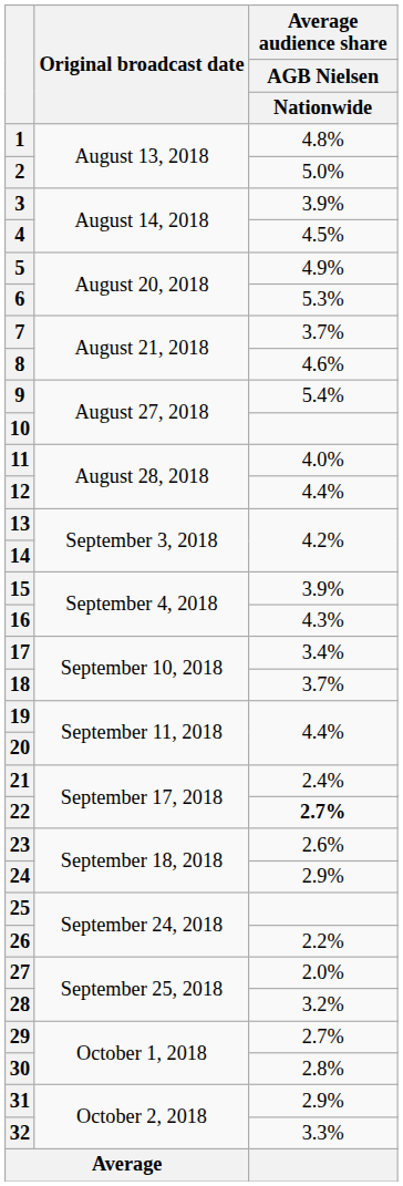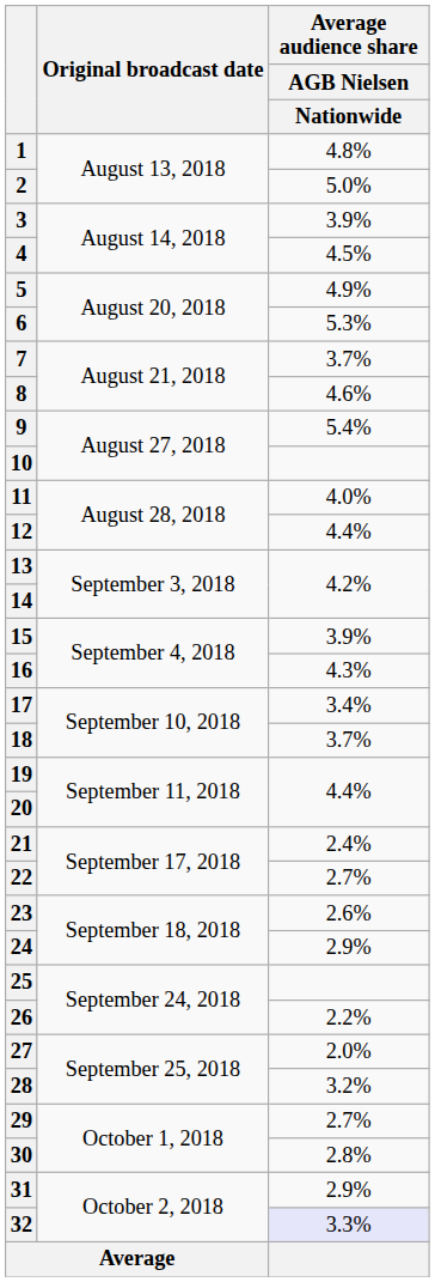 <table class="wikitable" style="text-align:center">
 <tr>
 <th rowspan="3"></th>
 <th rowspan="3">Original broadcast date</th>
 <th width="110">Average audience share</th>
 </tr>
 <tr>
 <th>AGB Nielsen</th>
 </tr>
 <tr>
 <th>Nationwide</th>
 </tr>
 <tr>
 <th>1</th>
 <td rowspan="2">August 13, 2018</td>
 <td>4.8% </td>
 </tr>
 <tr>
 <th>2</th>
 <td>5.0% </td>
 </tr>
 <tr>
 <th>3</th>
 <td rowspan="2">August 14, 2018</td>
 <td>3.9% </td>
 </tr>
 <tr>
 <th>4</th>
 <td>4.5% </td>
 </tr>
 <tr>
 <th>5</th>
 <td rowspan="2">August 20, 2018</td>
 <td>4.9% </td>
 </tr>
 <tr>
 <th>6</th>
 <td>5.3% </td>
 </tr>
 <tr>
 <th>7</th>
 <td rowspan="2">August 21, 2018</td>
 <td>3.7% </td>
 </tr>
 <tr>
 <th>8</th>
 <td>4.6% </td>
 </tr>
 <tr>
 <th>9</th>
 <td rowspan="2">August 27, 2018</td>
 <td>5.4% </td>
 </tr>
 <tr>
 <th>10</th>
 <td> </td>
 </tr>
 <tr>
 <th>11</th>
 <td rowspan="2">August 28, 2018</td>
 <td>4.0% </td>
 </tr>
 <tr>
 <th>12</th>
 <td>4.4% </td>
 </tr>
 <tr>
 <th>13</th>
 <td rowspan="2">September 3, 2018</td>
 <td rowspan="2">4.2% </td>
 </tr>
 <tr>
 <th>14</th>
 </tr>
 <tr>
 <th>15</th>
 <td rowspan="2">September 4, 2018</td>
 <td>3.9% </td>
 </tr>
 <tr>
 <th>16</th>
 <td>4.3% </td>
 </tr>
 <tr>
 <th>17</th>
 <td rowspan="2">September 10, 2018</td>
 <td>3.4% </td>
 </tr>
 <tr>
 <th>18</th>
 <td>3.7% </td>
 </tr>
 <tr>
 <th>19</th>
 <td rowspan="2">September 11, 2018</td>
 <td rowspan="2">4.4% </td>
 </tr>
 <tr>
 <th>20</th>
 </tr>
 <tr>
 <th>21</th>
 <td rowspan="2">September 17, 2018</td>
 <td>2.4% </td>
 </tr>
 <tr>
 <th>22</th>
-<td><strong>2.7% </strong></td>
+<td>2.7% </td>
 </tr>
 <tr>
 <th>23</th>
 <td rowspan="2">September 18, 2018</td>
 <td>2.6% </td>
 </tr>
 <tr>
 <th>24</th>
 <td>2.9% </td>
 </tr>
 <tr>
 <th>25</th>
 <td rowspan="2">September 24, 2018</td>
 <td> </td>
 </tr>
 <tr>
 <th>26</th>
 <td>2.2% </td>
 </tr>
 <tr>
 <th>27</th>
 <td rowspan="2">September 25, 2018</td>
 <td>2.0% </td>
 </tr>
 <tr>
 <th>28</th>
 <td>3.2% </td>
 </tr>
 <tr>
 <th>29</th>
 <td rowspan="2">October 1, 2018</td>
 <td>2.7% </td>
 </tr>
 <tr>
 <th>30</th>
 <td>2.8% </td>
 </tr>
 <tr>
 <th>31</th>
 <td rowspan="2">October 2, 2018</td>
 <td>2.9% </td>
 </tr>
 <tr>
 <th>32</th>
-<td>3.3% </td>
+<td style="background: lavender;">3.3% </td>
 </tr>
 <tr>
 <th colspan="2">Average</th>
 <th></th>
 </tr>
 </table>
